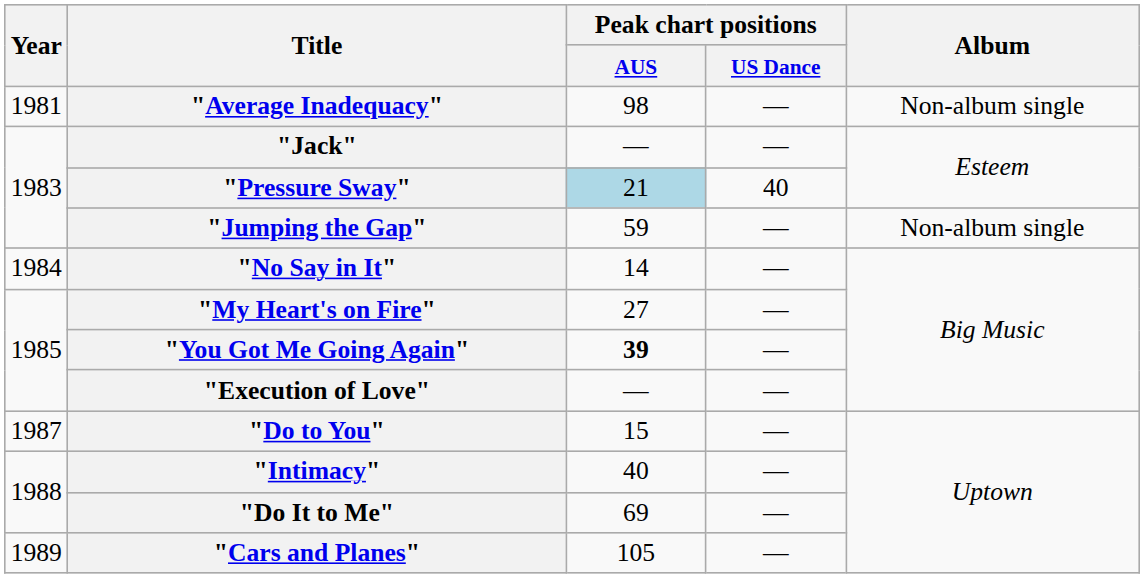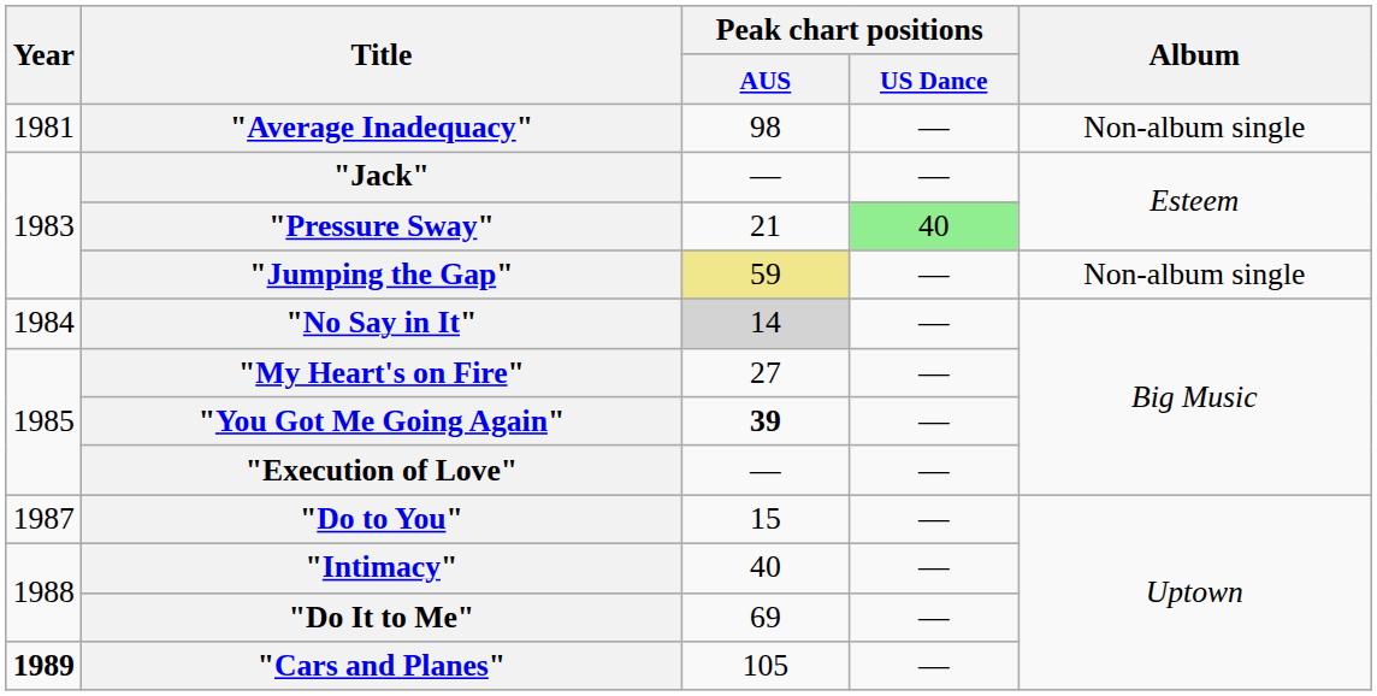 <table class="wikitable plainrowheaders" style="text-align:center;" border="1">
 <tr>
 <th scope="col" rowspan="2" style="width:1em;">Year</th>
 <th scope="col" rowspan="2" style="width:19em;">Title</th>
 <th scope="col" colspan="2">Peak chart positions</th>
 <th scope="col" rowspan="2" style="width:11em;">Album</th>
 </tr>
 <tr>
 <th width="80px"><small><a href='#'>AUS</a><br></small></th>
 <th width="80px"><small><a href='#'>US Dance</a><br></small></th>
 </tr>
 <tr>
 <td>1981</td>
 <th scope="row">"<a href='#'>Average Inadequacy</a>"</th>
 <td>98</td>
 <td>—</td>
 <td>Non-album single</td>
 </tr>
 <tr>
 <td rowspan="3">1983</td>
 <th scope="row">"Jack"</th>
 <td>—</td>
 <td>—</td>
 <td rowspan="2"><em>Esteem</em></td>
 </tr>
 <tr>
 <th scope="row">"<a href='#'>Pressure Sway</a>"</th>
-<td style="background: lightblue;">21</td>
-<td>40</td>
+<td>21</td>
+<td style="background: lightgreen;">40</td>
 </tr>
 <tr>
 <th scope="row">"<a href='#'>Jumping the Gap</a>"</th>
-<td>59</td>
+<td style="background: khaki;">59</td>
 <td>—</td>
 <td>Non-album single</td>
 </tr>
 <tr>
 <td>1984</td>
 <th scope="row">"<a href='#'>No Say in It</a>"</th>
-<td>14</td>
+<td style="background: lightgrey;">14</td>
 <td>—</td>
 <td rowspan="4"><em>Big Music</em></td>
 </tr>
 <tr>
 <td rowspan="3">1985</td>
 <th scope="row">"<a href='#'>My Heart's on Fire</a>"</th>
 <td>27</td>
 <td>—</td>
 </tr>
 <tr>
 <th scope="row">"<a href='#'>You Got Me Going Again</a>"</th>
 <td><strong>39</strong></td>
 <td>—</td>
 </tr>
 <tr>
 <th scope="row">"Execution of Love"</th>
 <td>—</td>
 <td>—</td>
 </tr>
 <tr>
 <td>1987</td>
 <th scope="row">"<a href='#'>Do to You</a>"</th>
 <td>15</td>
 <td>—</td>
 <td rowspan="4"><em>Uptown</em></td>
 </tr>
 <tr>
 <td rowspan="2">1988</td>
 <th scope="row">"<a href='#'>Intimacy</a>"</th>
 <td>40</td>
 <td>—</td>
 </tr>
 <tr>
 <th scope="row">"Do It to Me"</th>
 <td>69</td>
 <td>—</td>
 </tr>
 <tr>
-<td>1989</td>
+<td><strong>1989</strong></td>
 <th scope="row">"<a href='#'>Cars and Planes</a>"</th>
 <td>105</td>
 <td>—</td>
 </tr>
 </table>
